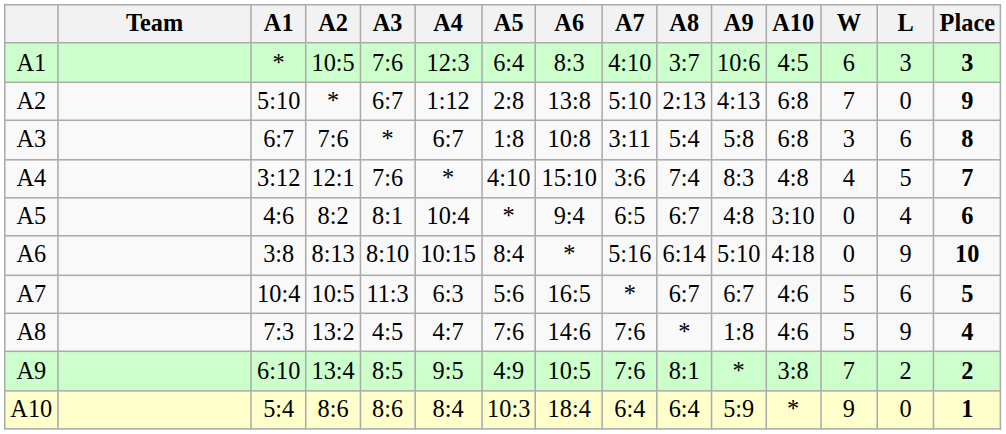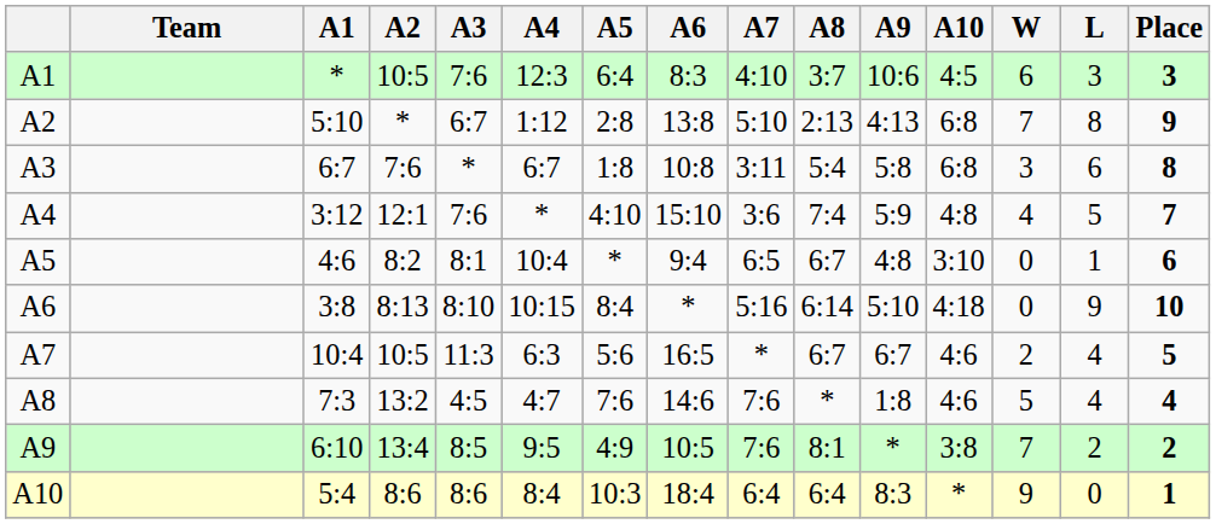 <table class="wikitable" style="text-align:center;">
 <tr>
 <th></th>
 <th width="120">Team</th>
 <th width="25">A1</th>
 <th width="25">A2</th>
 <th width="25">A3</th>
 <th width="25">A4</th>
 <th width="25">A5</th>
 <th width="25">A6</th>
 <th width="25">A7</th>
 <th width="25">A8</th>
 <th width="25">A9</th>
 <th width="25">A10</th>
 <th width="30">W</th>
 <th width="30">L</th>
 <th>Place</th>
 </tr>
 <tr bgcolor="#ccffcc">
 <td>A1</td>
 <td align="left"></td>
 <td>*</td>
 <td>10:5</td>
 <td>7:6</td>
 <td>12:3</td>
 <td>6:4</td>
 <td>8:3</td>
 <td>4:10</td>
 <td>3:7</td>
 <td>10:6</td>
 <td>4:5</td>
 <td>6</td>
 <td>3</td>
 <td><strong>3</strong></td>
 </tr>
 <tr>
 <td>A2</td>
 <td align="left"></td>
 <td>5:10</td>
 <td>*</td>
 <td>6:7</td>
 <td>1:12</td>
 <td>2:8</td>
 <td>13:8</td>
 <td>5:10</td>
 <td>2:13</td>
 <td>4:13</td>
 <td>6:8</td>
 <td>7</td>
-<td>0</td>
+<td>8</td>
 <td><strong>9</strong></td>
 </tr>
 <tr>
 <td>A3</td>
 <td align="left"></td>
 <td>6:7</td>
 <td>7:6</td>
 <td>*</td>
 <td>6:7</td>
 <td>1:8</td>
 <td>10:8</td>
 <td>3:11</td>
 <td>5:4</td>
 <td>5:8</td>
 <td>6:8</td>
 <td>3</td>
 <td>6</td>
 <td><strong>8</strong></td>
 </tr>
 <tr>
 <td>A4</td>
 <td align="left"></td>
 <td>3:12</td>
 <td>12:1</td>
 <td>7:6</td>
 <td>*</td>
 <td>4:10</td>
 <td>15:10</td>
 <td>3:6</td>
 <td>7:4</td>
-<td>8:3</td>
+<td>5:9</td>
 <td>4:8</td>
 <td>4</td>
 <td>5</td>
 <td><strong>7</strong></td>
 </tr>
 <tr>
 <td>A5</td>
 <td align="left"></td>
 <td>4:6</td>
 <td>8:2</td>
 <td>8:1</td>
 <td>10:4</td>
 <td>*</td>
 <td>9:4</td>
 <td>6:5</td>
 <td>6:7</td>
 <td>4:8</td>
 <td>3:10</td>
 <td>0</td>
-<td>4</td>
+<td>1</td>
 <td><strong>6</strong></td>
 </tr>
 <tr>
 <td>A6</td>
 <td align="left"></td>
 <td>3:8</td>
 <td>8:13</td>
 <td>8:10</td>
 <td>10:15</td>
 <td>8:4</td>
 <td>*</td>
 <td>5:16</td>
 <td>6:14</td>
 <td>5:10</td>
 <td>4:18</td>
 <td>0</td>
 <td>9</td>
 <td><strong>10</strong></td>
 </tr>
 <tr>
 <td>A7</td>
 <td align="left"></td>
 <td>10:4</td>
 <td>10:5</td>
 <td>11:3</td>
 <td>6:3</td>
 <td>5:6</td>
 <td>16:5</td>
 <td>*</td>
 <td>6:7</td>
 <td>6:7</td>
 <td>4:6</td>
-<td>5</td>
-<td>6</td>
+<td>2</td>
+<td>4</td>
 <td><strong>5</strong></td>
 </tr>
 <tr>
 <td>A8</td>
 <td align="left"></td>
 <td>7:3</td>
 <td>13:2</td>
 <td>4:5</td>
 <td>4:7</td>
 <td>7:6</td>
 <td>14:6</td>
 <td>7:6</td>
 <td>*</td>
 <td>1:8</td>
 <td>4:6</td>
 <td>5</td>
-<td>9</td>
+<td>4</td>
 <td><strong>4</strong></td>
 </tr>
 <tr bgcolor="#ccffcc">
 <td>A9</td>
 <td align="left"></td>
 <td>6:10</td>
 <td>13:4</td>
 <td>8:5</td>
 <td>9:5</td>
 <td>4:9</td>
 <td>10:5</td>
 <td>7:6</td>
 <td>8:1</td>
 <td>*</td>
 <td>3:8</td>
 <td>7</td>
 <td>2</td>
 <td><strong>2</strong></td>
 </tr>
 <tr bgcolor="#ffffcc">
 <td>A10</td>
 <td align="left"></td>
 <td>5:4</td>
 <td>8:6</td>
 <td>8:6</td>
 <td>8:4</td>
 <td>10:3</td>
 <td>18:4</td>
 <td>6:4</td>
 <td>6:4</td>
-<td>5:9</td>
+<td>8:3</td>
 <td>*</td>
 <td>9</td>
 <td>0</td>
 <td><strong>1</strong></td>
 </tr>
 </table>
